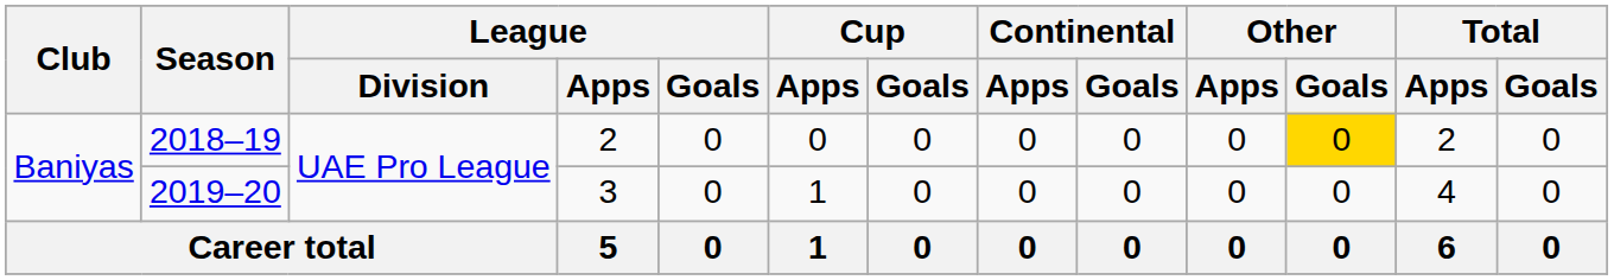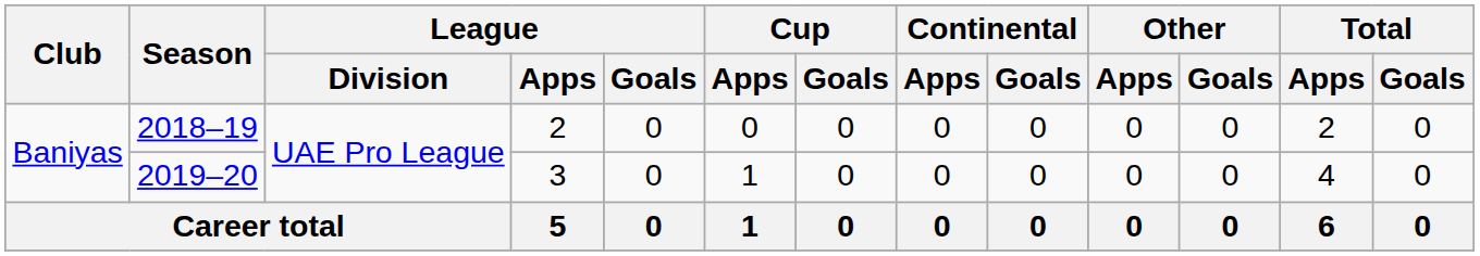 <table class="wikitable" style="text-align: center">
 <tr>
 <th rowspan="2">Club</th>
 <th rowspan="2">Season</th>
 <th colspan="3">League</th>
 <th colspan="2">Cup</th>
 <th colspan="2">Continental</th>
 <th colspan="2">Other</th>
 <th colspan="2">Total</th>
 </tr>
 <tr>
 <th>Division</th>
 <th>Apps</th>
 <th>Goals</th>
 <th>Apps</th>
 <th>Goals</th>
 <th>Apps</th>
 <th>Goals</th>
 <th>Apps</th>
 <th>Goals</th>
 <th>Apps</th>
 <th>Goals</th>
 </tr>
 <tr>
 <td rowspan="2"><a href='#'>Baniyas</a></td>
 <td><a href='#'>2018–19</a></td>
 <td rowspan="2"><a href='#'>UAE Pro League</a></td>
 <td>2</td>
 <td>0</td>
 <td>0</td>
 <td>0</td>
 <td>0</td>
 <td>0</td>
 <td>0</td>
-<td style="background: gold;">0</td>
+<td>0</td>
 <td>2</td>
 <td>0</td>
 </tr>
 <tr>
 <td><a href='#'>2019–20</a></td>
 <td>3</td>
 <td>0</td>
 <td>1</td>
 <td>0</td>
 <td>0</td>
 <td>0</td>
 <td>0</td>
 <td>0</td>
 <td>4</td>
 <td>0</td>
 </tr>
 <tr>
 <th colspan="3"><strong>Career total</strong></th>
 <th>5</th>
 <th>0</th>
 <th>1</th>
 <th>0</th>
 <th>0</th>
 <th>0</th>
 <th>0</th>
 <th>0</th>
 <th>6</th>
 <th>0</th>
 </tr>
 </table>
